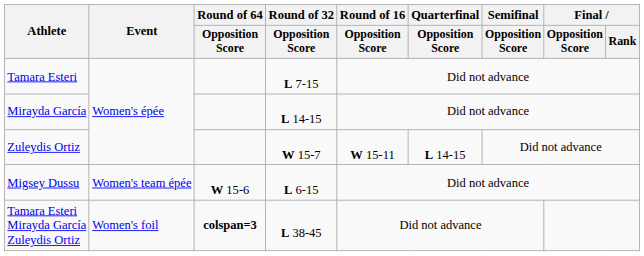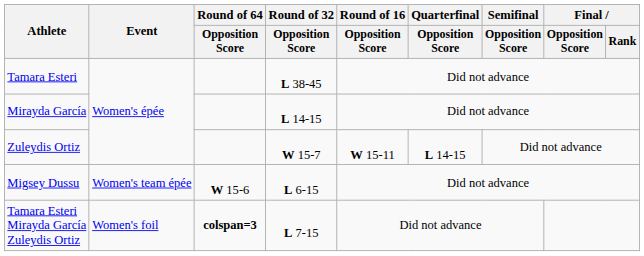 <table class="wikitable" style="font-size:90%">
 <tr>
 <th rowspan="2">Athlete</th>
 <th rowspan="2">Event</th>
 <th>Round of 64</th>
 <th>Round of 32</th>
 <th>Round of 16</th>
 <th>Quarterfinal</th>
 <th>Semifinal</th>
 <th colspan=2>Final / </th>
 </tr>
 <tr style="font-size:95%">
 <th>Opposition <br> Score</th>
 <th>Opposition <br> Score</th>
 <th>Opposition <br> Score</th>
 <th>Opposition <br> Score</th>
 <th>Opposition <br> Score</th>
 <th>Opposition <br> Score</th>
 <th>Rank</th>
 </tr>
 <tr align=center>
 <td align=left><a href='#'>Tamara Esteri</a></td>
 <td align=left rowspan=3><a href='#'>Women's épée</a></td>
 <td></td>
-<td><br><strong>L</strong> 7-15</td>
+<td><br><strong>L</strong> 38-45</td>
 <td colspan=5>Did not advance</td>
 </tr>
 <tr align=center>
 <td align=left><a href='#'>Mirayda García</a></td>
 <td></td>
 <td><br><strong>L</strong> 14-15</td>
 <td colspan=5>Did not advance</td>
 </tr>
 <tr align=center>
 <td align=left><a href='#'>Zuleydis Ortiz</a></td>
 <td></td>
 <td><br><strong>W</strong> 15-7</td>
 <td><br><strong>W</strong> 15-11</td>
 <td><br><strong>L</strong> 14-15</td>
 <td colspan=3>Did not advance</td>
 </tr>
 <tr align=center>
 <td align=left><a href='#'>Migsey Dussu</a></td>
 <td align=left><a href='#'>Women's team épée</a></td>
 <td><br><strong>W</strong> 15-6</td>
 <td><br><strong>L</strong> 6-15</td>
 <td colspan=5>Did not advance</td>
 </tr>
 <tr align=center>
 <td align=left><a href='#'>Tamara Esteri</a><br> <a href='#'>Mirayda García</a><br> <a href='#'>Zuleydis Ortiz</a></td>
 <td align=left><a href='#'>Women's foil</a></td>
 <td><strong>colspan=3 </strong></td>
-<td><br><strong>L</strong> 38-45</td>
+<td><br><strong>L</strong> 7-15</td>
 <td colspan=3>Did not advance</td>
 </tr>
 </table>
